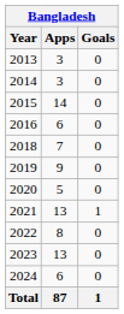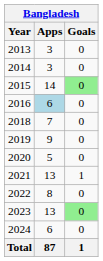 <table class="wikitable" style="text-align:center">
 <tr>
 <th colspan=11><a href='#'>Bangladesh</a></th>
 </tr>
 <tr>
 <th>Year</th>
 <th>Apps</th>
 <th>Goals</th>
 </tr>
 <tr>
 <td>2013</td>
 <td>3</td>
 <td>0</td>
 </tr>
 <tr>
 <td>2014</td>
 <td>3</td>
 <td>0</td>
 </tr>
 <tr>
 <td>2015</td>
 <td>14</td>
-<td>0</td>
+<td style="background: lightgreen;">0</td>
 </tr>
 <tr>
 <td>2016</td>
-<td>6</td>
+<td style="background: lightblue;">6</td>
 <td>0</td>
 </tr>
 <tr>
 <td>2018</td>
 <td>7</td>
 <td>0</td>
 </tr>
 <tr>
 <td>2019</td>
 <td>9</td>
 <td>0</td>
 </tr>
 <tr>
 <td>2020</td>
 <td>5</td>
 <td>0</td>
 </tr>
 <tr>
 <td>2021</td>
 <td>13</td>
 <td>1</td>
 </tr>
 <tr>
 <td>2022</td>
 <td>8</td>
 <td>0</td>
 </tr>
 <tr>
 <td>2023</td>
 <td>13</td>
-<td>0</td>
+<td style="background: lightgreen;">0</td>
 </tr>
 <tr>
 <td>2024</td>
 <td>6</td>
 <td>0</td>
 </tr>
 <tr>
 <th>Total</th>
 <th>87</th>
 <th>1</th>
 </tr>
 </table>
